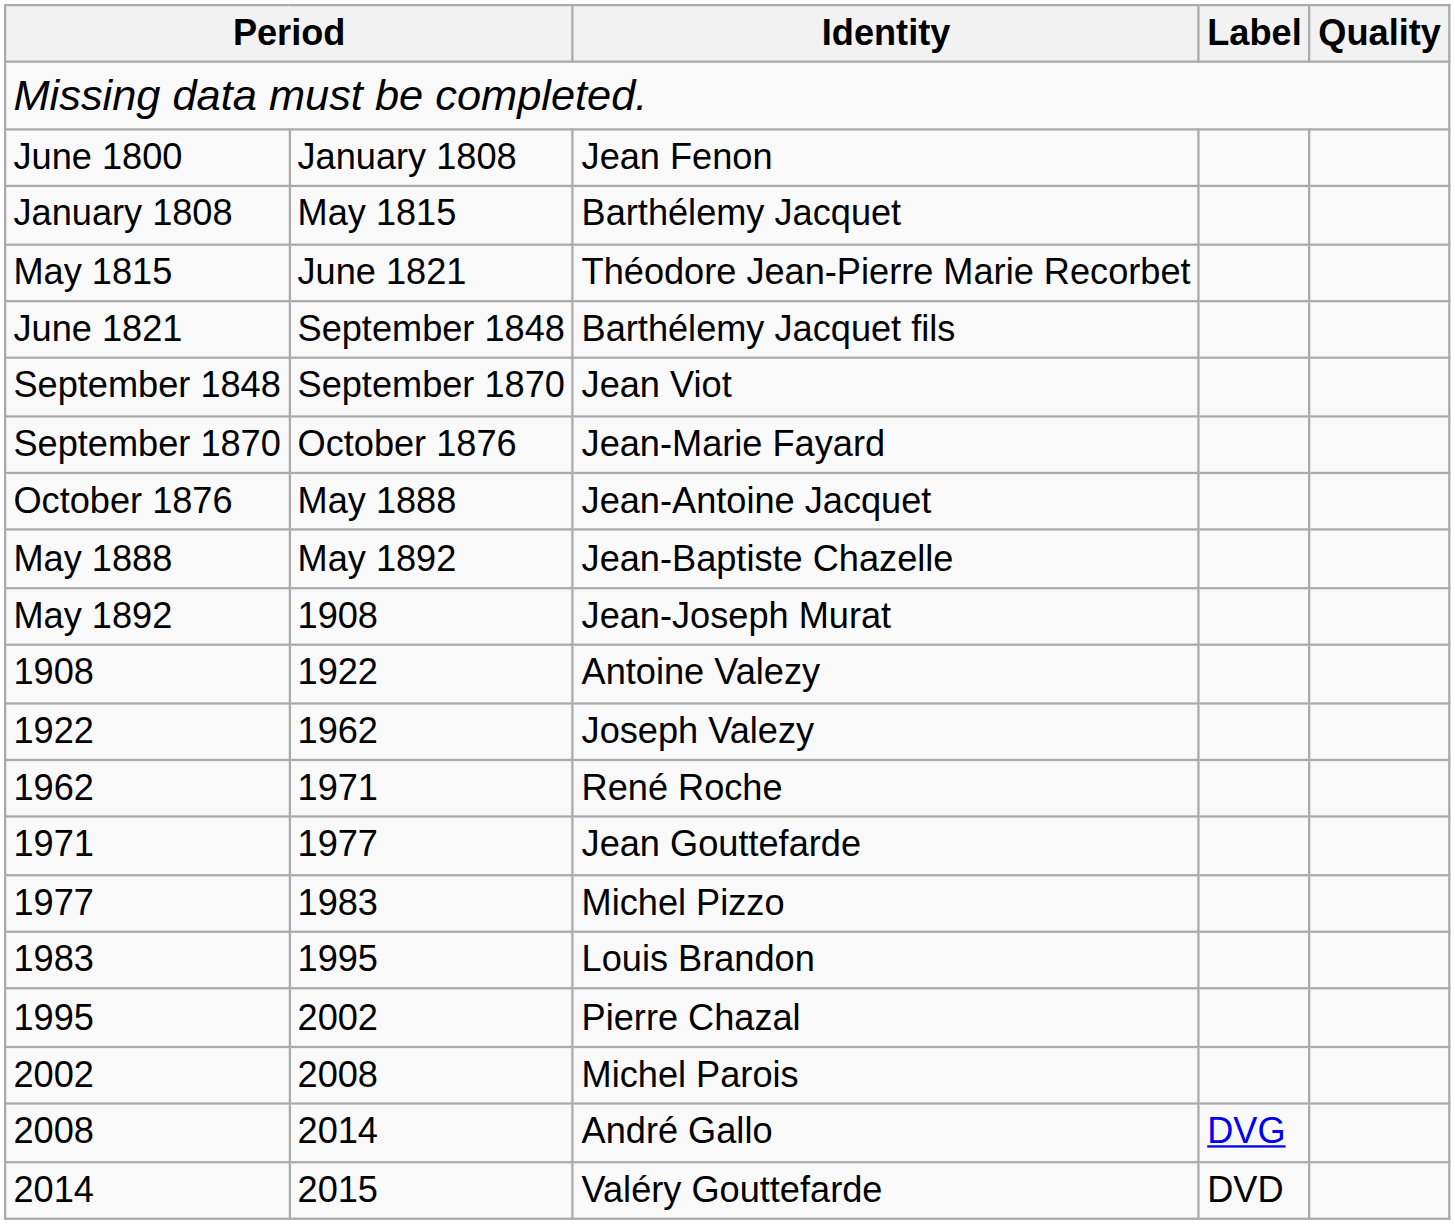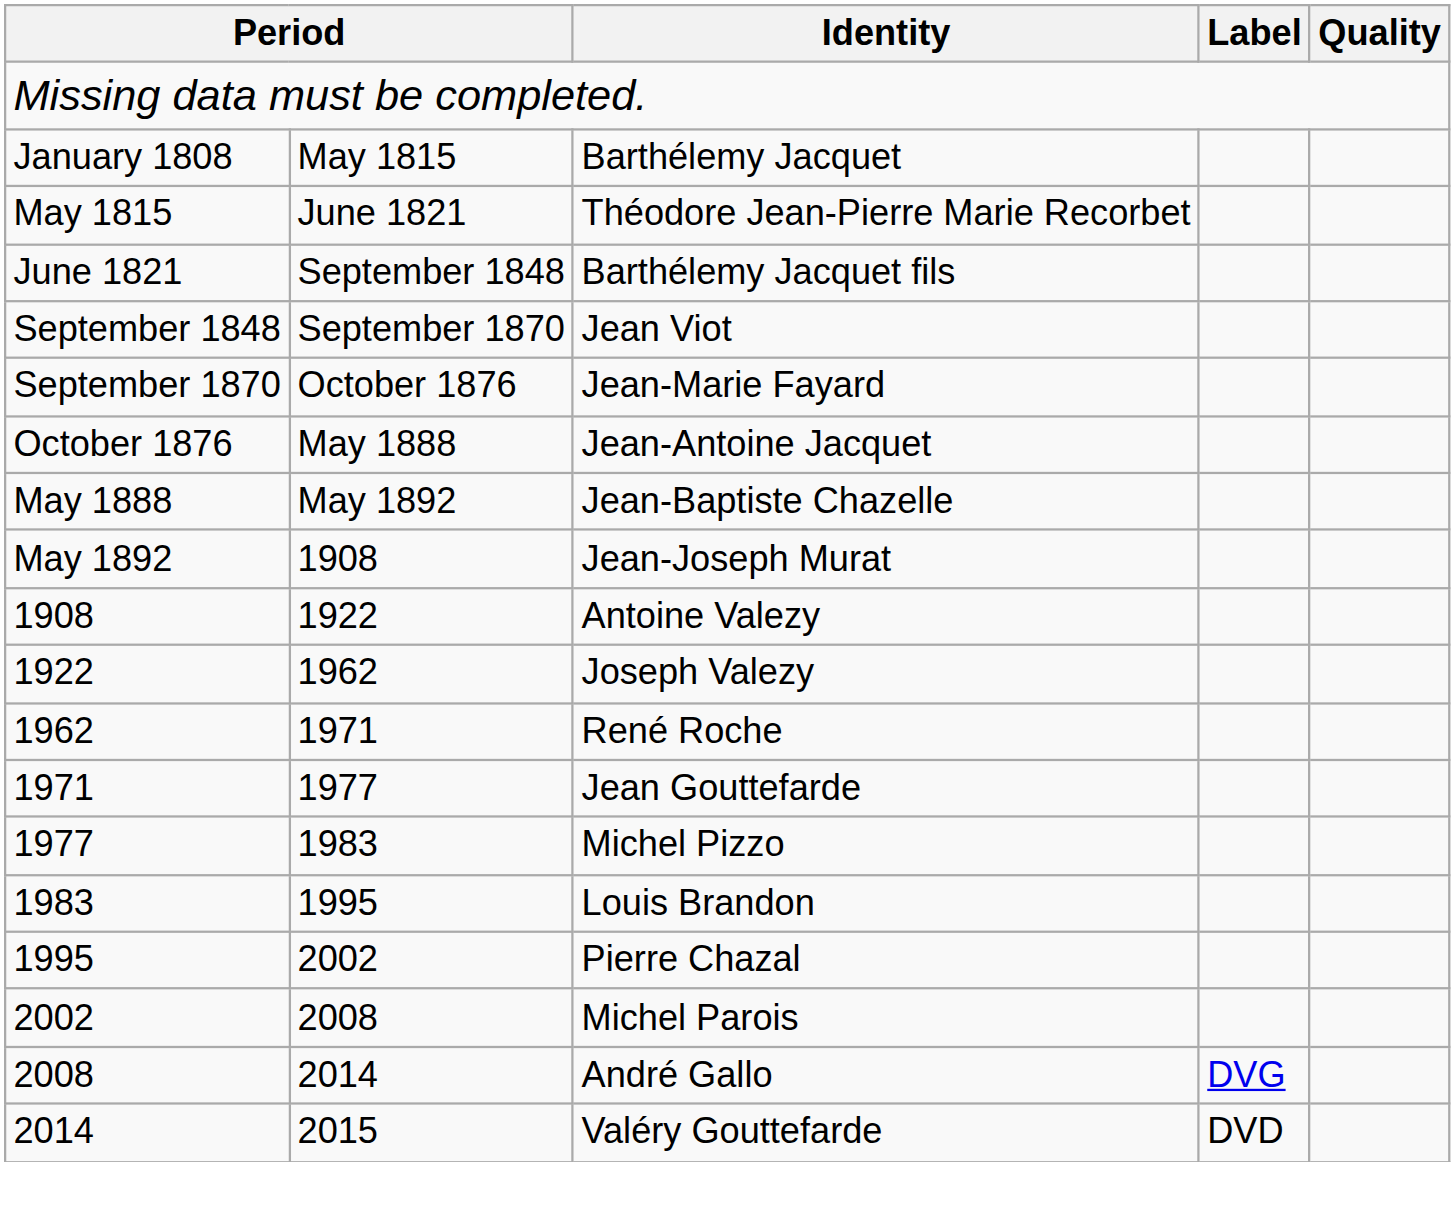 <table class="wikitable">
 <tr>
 <th colspan="2">Period</th>
 <th>Identity</th>
 <th>Label</th>
 <th>Quality</th>
 </tr>
 <tr>
 <td colspan="5"><em><big>Missing data must be completed.</big></em></td>
-</tr>
-<tr>
-<td>June 1800</td>
-<td>January 1808</td>
-<td>Jean Fenon</td>
-<td></td>
-<td></td>
 </tr>
 <tr>
 <td>January 1808</td>
 <td>May 1815</td>
 <td>Barthélemy Jacquet</td>
 <td></td>
 <td></td>
 </tr>
 <tr>
 <td>May 1815</td>
 <td>June 1821</td>
 <td>Théodore Jean-Pierre Marie Recorbet</td>
 <td></td>
 <td></td>
 </tr>
 <tr>
 <td>June 1821</td>
 <td>September 1848</td>
 <td>Barthélemy Jacquet fils</td>
 <td></td>
 <td></td>
 </tr>
 <tr>
 <td>September 1848</td>
 <td>September 1870</td>
 <td>Jean Viot</td>
 <td></td>
 <td></td>
 </tr>
 <tr>
 <td>September 1870</td>
 <td>October 1876</td>
 <td>Jean-Marie Fayard</td>
 <td></td>
 <td></td>
 </tr>
 <tr>
 <td>October 1876</td>
 <td>May 1888</td>
 <td>Jean-Antoine Jacquet</td>
 <td></td>
 <td></td>
 </tr>
 <tr>
 <td>May 1888</td>
 <td>May 1892</td>
 <td>Jean-Baptiste Chazelle</td>
 <td></td>
 <td></td>
 </tr>
 <tr>
 <td>May 1892</td>
 <td>1908</td>
 <td>Jean-Joseph Murat</td>
 <td></td>
 <td></td>
 </tr>
 <tr>
 <td>1908</td>
 <td>1922</td>
 <td>Antoine Valezy</td>
 <td></td>
 <td></td>
 </tr>
 <tr>
 <td>1922</td>
 <td>1962</td>
 <td>Joseph Valezy</td>
 <td></td>
 <td></td>
 </tr>
 <tr>
 <td>1962</td>
 <td>1971</td>
 <td>René Roche</td>
 <td></td>
 <td></td>
 </tr>
 <tr>
 <td>1971</td>
 <td>1977</td>
 <td>Jean Gouttefarde</td>
 <td></td>
 <td></td>
 </tr>
 <tr>
 <td>1977</td>
 <td>1983</td>
 <td>Michel Pizzo</td>
 <td></td>
 <td></td>
 </tr>
 <tr>
 <td>1983</td>
 <td>1995</td>
 <td>Louis Brandon</td>
 <td></td>
 <td></td>
 </tr>
 <tr>
 <td>1995</td>
 <td>2002</td>
 <td>Pierre Chazal</td>
 <td></td>
 <td></td>
 </tr>
 <tr>
 <td>2002</td>
 <td>2008</td>
 <td>Michel Parois</td>
 <td></td>
 <td></td>
 </tr>
 <tr>
 <td>2008</td>
 <td>2014</td>
 <td>André Gallo</td>
 <td><a href='#'>DVG</a></td>
 <td></td>
 </tr>
 <tr>
 <td>2014</td>
 <td>2015</td>
 <td>Valéry Gouttefarde</td>
 <td>DVD</td>
 <td></td>
 </tr>
 </table>
